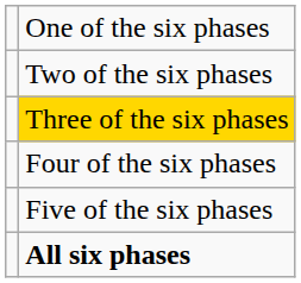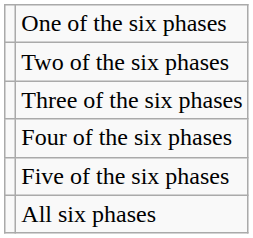 <table class="wikitable">
 <tr>
 <td></td>
 <td>One of the six phases</td>
 </tr>
 <tr>
 <td></td>
 <td>Two of the six phases</td>
 </tr>
 <tr>
 <td></td>
-<td style="background: gold;">Three of the six phases</td>
+<td>Three of the six phases</td>
 </tr>
 <tr>
 <td></td>
 <td>Four of the six phases</td>
 </tr>
 <tr>
 <td></td>
 <td>Five of the six phases</td>
 </tr>
 <tr>
 <td></td>
-<td><strong>All six phases</strong></td>
+<td>All six phases</td>
 </tr>
 </table>
